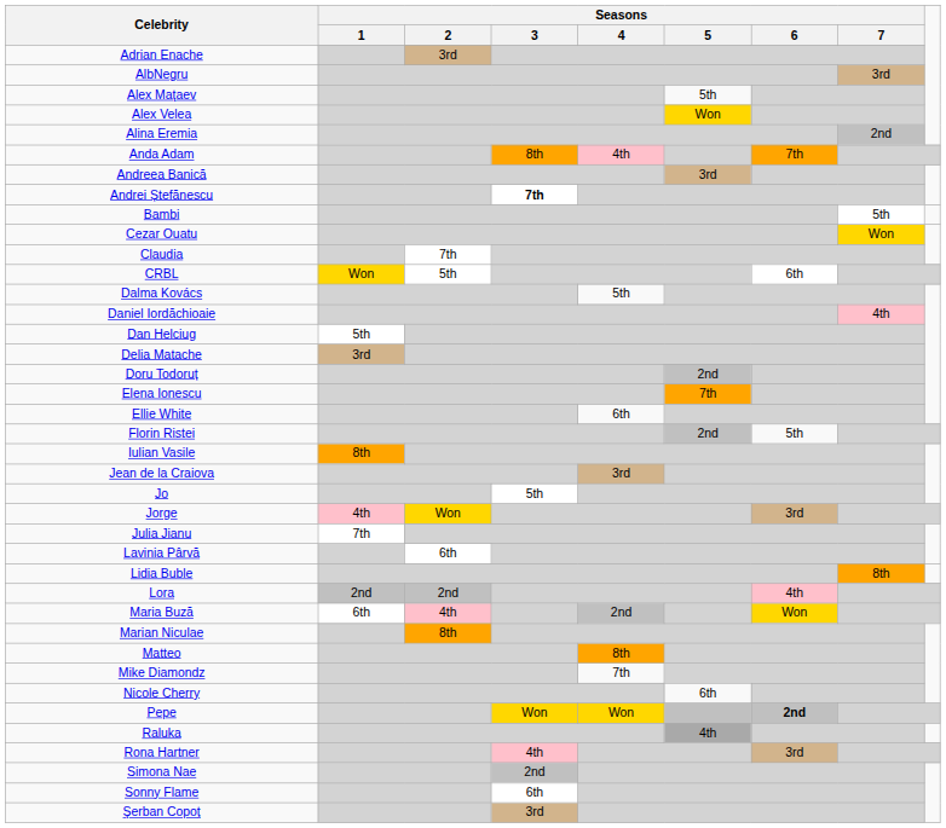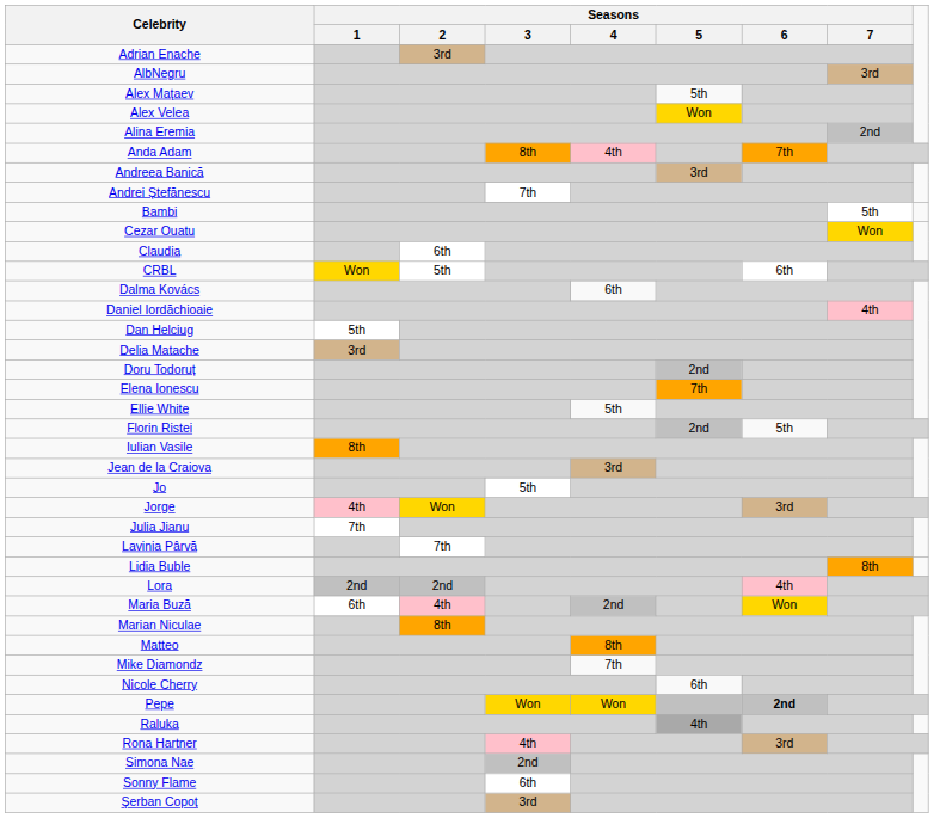 <table class="wikitable"  style="width:60%; text-align:center;">
 <tr>
 <th rowspan=2>Celebrity</th>
 <th colspan="7">Seasons</th>
 </tr>
 <tr>
 <th>1</th>
 <th>2</th>
 <th>3</th>
 <th>4</th>
 <th>5</th>
 <th>6</th>
 <th>7</th>
 </tr>
 <tr>
 <td><a href='#'>Adrian Enache</a></td>
 <td style="background:lightgrey;"></td>
 <td style="background:tan;">3rd</td>
 <td colspan="5" style="background:lightgrey;"></td>
 </tr>
 <tr>
 <td><a href='#'>AlbNegru</a></td>
 <td colspan="6" style="background:lightgrey;"></td>
 <td style="background:tan;">3rd</td>
 </tr>
 <tr>
 <td><a href='#'>Alex Maţaev</a></td>
 <td colspan="4" style="background:lightgrey;"></td>
 <td>5th</td>
 <td colspan="2" style="background:lightgrey;"></td>
 </tr>
 <tr>
 <td><a href='#'>Alex Velea</a></td>
 <td colspan="4" style="background:lightgrey;"></td>
 <td style="background:gold;">Won</td>
 <td colspan="2" style="background:lightgrey;"></td>
 </tr>
 <tr>
 <td><a href='#'>Alina Eremia</a></td>
 <td colspan="6" style="background:lightgrey;"></td>
 <td style="background:silver;">2nd</td>
 </tr>
 <tr>
 <td><a href='#'>Anda Adam</a></td>
 <td colspan="2" style="background:lightgrey;"></td>
 <td style="background:orange;">8th</td>
 <td style="background:pink;">4th</td>
 <td style="background:lightgrey;"></td>
 <td style="background:orange;">7th</td>
 <td colspan="2" style="background:lightgrey;"></td>
 </tr>
 <tr>
 <td><a href='#'>Andreea Banică</a></td>
 <td colspan="4" style="background:lightgrey;"></td>
 <td style="background:tan;">3rd</td>
 <td colspan="2" style="background:lightgrey;"></td>
 </tr>
 <tr>
 <td><a href='#'>Andrei Ștefănescu</a></td>
 <td colspan="2" style="background:lightgrey;"></td>
-<td style="background:white;"><strong>7th</strong></td>
+<td style="background:white;">7th</td>
 <td colspan="4" style="background:lightgrey;"></td>
 </tr>
 <tr>
 <td><a href='#'>Bambi</a></td>
 <td colspan="6" style="background:lightgrey;"></td>
 <td style="background:white;">5th</td>
 <td></td>
 </tr>
 <tr>
 <td><a href='#'>Cezar Ouatu</a></td>
 <td colspan="6" style="background:lightgrey;"></td>
 <td style="background:gold;">Won</td>
 </tr>
 <tr>
 <td><a href='#'>Claudia</a></td>
 <td style="background:lightgrey;"></td>
-<td style="background:white;">7th</td>
+<td style="background:white;">6th</td>
 <td colspan="5" style="background:lightgrey;"></td>
 </tr>
 <tr>
 <td><a href='#'>CRBL</a></td>
 <td style="background:gold;">Won</td>
 <td style="background:white;">5th</td>
 <td colspan="3" style="background:lightgrey;"></td>
 <td style="background:white;">6th</td>
 <td colspan="2" style="background:lightgrey;"></td>
 </tr>
 <tr>
 <td><a href='#'>Dalma Kovács</a></td>
 <td colspan="3" style="background:lightgrey;"></td>
-<td>5th</td>
+<td>6th</td>
 <td colspan="3" style="background:lightgrey;"></td>
 </tr>
 <tr>
 <td><a href='#'>Daniel Iordăchioaie</a></td>
 <td colspan="6" style="background:lightgrey;"></td>
 <td style="background:pink;">4th</td>
 </tr>
 <tr>
 <td><a href='#'>Dan Helciug</a></td>
 <td style="background:white;">5th</td>
 <td colspan="6" style="background:lightgrey;"></td>
 </tr>
 <tr>
 <td><a href='#'>Delia Matache</a></td>
 <td style="background:tan;">3rd</td>
 <td colspan="6" style="background:lightgrey;"></td>
 </tr>
 <tr>
 <td><a href='#'>Doru Todoruț</a></td>
 <td colspan="4" style="background:lightgrey;"></td>
 <td style="background:silver;">2nd</td>
 <td colspan="2" style="background:lightgrey;"></td>
 </tr>
 <tr>
 <td><a href='#'>Elena Ionescu</a></td>
 <td colspan="4" style="background:lightgrey;"></td>
 <td style="background:orange;">7th</td>
 <td colspan="2" style="background:lightgrey;"></td>
 </tr>
 <tr>
 <td><a href='#'>Ellie White</a></td>
 <td colspan="3" style="background:lightgrey;"></td>
-<td>6th</td>
+<td>5th</td>
 <td colspan="3" style="background:lightgrey;"></td>
 </tr>
 <tr>
 <td><a href='#'>Florin Ristei</a></td>
 <td colspan="4" style="background:lightgrey;"></td>
 <td style="background:silver;">2nd</td>
 <td>5th</td>
 <td colspan="2" style="background:lightgrey;"></td>
 </tr>
 <tr>
 <td><a href='#'>Iulian Vasile</a></td>
 <td style="background:orange;">8th</td>
 <td colspan="6" style="background:lightgrey;"></td>
 </tr>
 <tr>
 <td><a href='#'>Jean de la Craiova</a></td>
 <td colspan="3" style="background:lightgrey;"></td>
 <td style="background:tan;">3rd</td>
 <td colspan="3" style="background:lightgrey;"></td>
 </tr>
 <tr>
 <td><a href='#'>Jo</a></td>
 <td colspan="2" style="background:lightgrey;"></td>
 <td style="background:white;">5th</td>
 <td colspan="4" style="background:lightgrey;"></td>
 </tr>
 <tr>
 <td><a href='#'>Jorge</a></td>
 <td style="background:pink;">4th</td>
 <td style="background:gold;">Won</td>
 <td colspan="3" style="background:lightgrey;"></td>
 <td style="background:tan;">3rd</td>
 <td colspan="2" style="background:lightgrey;"></td>
 </tr>
 <tr>
 <td><a href='#'>Julia Jianu</a></td>
 <td style="background:white;">7th</td>
 <td colspan="6" style="background:lightgrey;"></td>
 </tr>
 <tr>
 <td><a href='#'>Lavinia Pârvă</a></td>
 <td style="background:lightgrey;"></td>
-<td style="background:white;">6th</td>
+<td style="background:white;">7th</td>
 <td colspan="5" style="background:lightgrey;"></td>
 </tr>
 <tr>
 <td><a href='#'>Lidia Buble</a></td>
 <td colspan="6" style="background:lightgrey;"></td>
 <td style="background:orange">8th</td>
 <td></td>
 </tr>
 <tr>
 <td><a href='#'>Lora</a></td>
 <td style="background:silver;">2nd</td>
 <td style="background:silver;">2nd</td>
 <td colspan="3" style="background:lightgrey;"></td>
 <td style="background:pink;">4th</td>
 <td colspan="2" style="background:lightgrey;"></td>
 </tr>
 <tr>
 <td><a href='#'>Maria Buză</a></td>
 <td style="background:white;">6th</td>
 <td style="background:pink;">4th</td>
 <td style="background:lightgrey;"></td>
 <td style="background:silver;">2nd</td>
 <td style="background:lightgrey;"></td>
 <td style="background:gold;">Won</td>
 <td colspan="2" style="background:lightgrey;"></td>
 </tr>
 <tr>
 <td><a href='#'>Marian Niculae</a></td>
 <td style="background:lightgrey;"></td>
 <td style="background:orange;">8th</td>
 <td colspan="5" style="background:lightgrey;"></td>
 </tr>
 <tr>
 <td><a href='#'>Matteo</a></td>
 <td colspan="3" style="background:lightgrey;"></td>
 <td style="background:orange;">8th</td>
 <td colspan="3" style="background:lightgrey;"></td>
 </tr>
 <tr>
 <td><a href='#'>Mike Diamondz</a></td>
 <td colspan="3" style="background:lightgrey;"></td>
 <td>7th</td>
 <td colspan="3" style="background:lightgrey;"></td>
 </tr>
 <tr>
 <td><a href='#'>Nicole Cherry</a></td>
 <td colspan="4" style="background:lightgrey;"></td>
 <td>6th</td>
 <td colspan="2" style="background:lightgrey;"></td>
 </tr>
 <tr>
 <td><a href='#'>Pepe</a></td>
 <td colspan="2" style="background:lightgrey;"></td>
 <td style="background:gold;">Won</td>
 <td style="background:gold;">Won</td>
 <td style="background:silver;"></td>
 <td style="background:silver;"><strong>2nd</strong></td>
 <td colspan="2" style="background:lightgrey;"></td>
 </tr>
 <tr>
 <td><a href='#'>Raluka</a></td>
 <td colspan="4" style="background:lightgrey;"></td>
 <td style="background:darkgrey;">4th</td>
 <td colspan="2"  style="background:lightgrey;"></td>
 </tr>
 <tr>
 <td><a href='#'>Rona Hartner</a></td>
 <td colspan="2" style="background:lightgrey;"></td>
 <td style="background:pink;">4th</td>
 <td colspan="2" style="background:lightgrey;"></td>
 <td style="background:tan;">3rd</td>
 <td colspan="2" style="background:lightgrey;"></td>
 </tr>
 <tr>
 <td><a href='#'>Simona Nae</a></td>
 <td colspan="2" style="background:lightgrey;"></td>
 <td style="background:silver;">2nd</td>
 <td colspan="4" style="background:lightgrey;"></td>
 </tr>
 <tr>
 <td><a href='#'>Sonny Flame</a></td>
 <td colspan="2" style="background:lightgrey;"></td>
 <td style="background:white;">6th</td>
 <td colspan="4" style="background:lightgrey;"></td>
 </tr>
 <tr>
 <td><a href='#'>Şerban Copoţ</a></td>
 <td colspan="2" style="background:lightgrey;"></td>
 <td style="background:tan;">3rd</td>
 <td colspan="4" style="background:lightgrey;"></td>
 </tr>
 </table>
